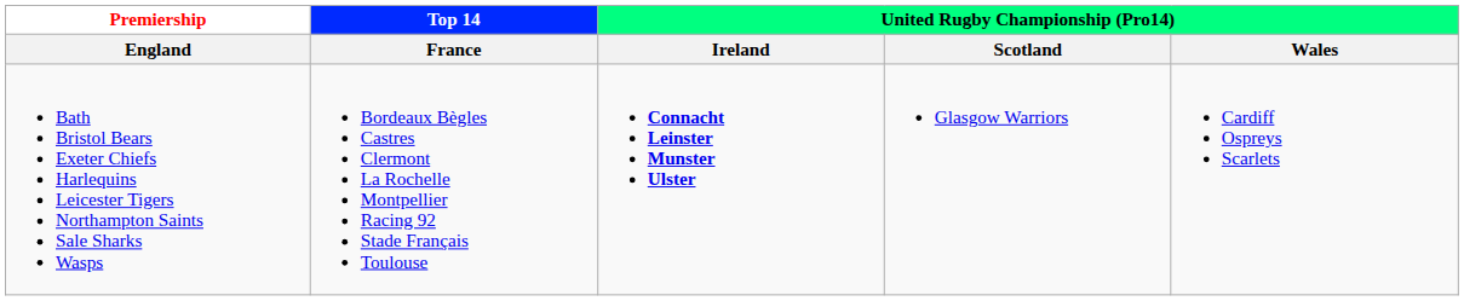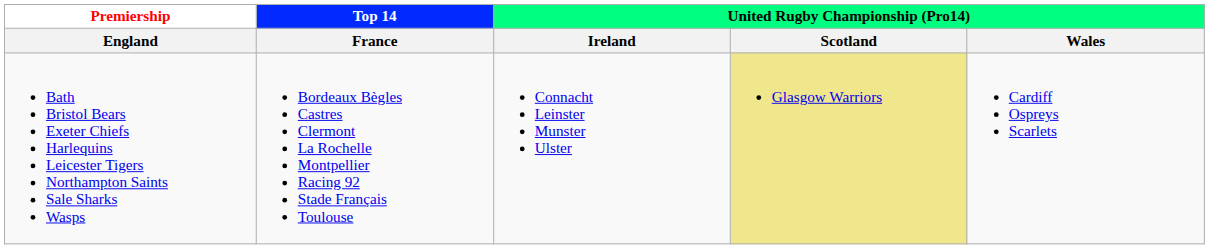 <table class="wikitable" style="width:100%;">
 <tr>
 <th style="background: #FFFFFF; color:red; text-align:center;">Premiership</th>
 <th style="background: #002AFF; color:white; text-align:center;">Top 14</th>
 <th colspan="4" style="background: #00FF80;">United Rugby Championship (Pro14)</th>
 </tr>
 <tr>
 <th width=17%> England</th>
 <th width=16%> France</th>
 <th width=16%> Ireland</th>
 <th width=16%> Scotland</th>
 <th width=16%> Wales</th>
 </tr>
 <tr valign=top>
 <td><br><ul><li><a href='#'>Bath</a></li><li><a href='#'>Bristol Bears</a></li><li><a href='#'>Exeter Chiefs</a></li><li><a href='#'>Harlequins</a></li><li><a href='#'>Leicester Tigers</a></li><li><a href='#'>Northampton Saints</a></li><li><a href='#'>Sale Sharks</a></li><li><a href='#'>Wasps</a></li></ul></td>
 <td><br><ul><li><a href='#'>Bordeaux Bègles</a></li><li><a href='#'>Castres</a></li><li><a href='#'>Clermont</a></li><li><a href='#'>La Rochelle</a></li><li><a href='#'>Montpellier</a></li><li><a href='#'>Racing 92</a></li><li><a href='#'>Stade Français</a></li><li><a href='#'>Toulouse</a></li></ul></td>
-<td><strong><br><ul><li><a href='#'>Connacht</a></li><li><a href='#'>Leinster</a></li><li><a href='#'>Munster</a></li><li><a href='#'>Ulster</a></li></ul></strong></td>
-<td><br><ul><li><a href='#'>Glasgow Warriors</a></li></ul></td>
+<td><br><ul><li><a href='#'>Connacht</a></li><li><a href='#'>Leinster</a></li><li><a href='#'>Munster</a></li><li><a href='#'>Ulster</a></li></ul></td>
+<td style="background: khaki;"><br><ul><li><a href='#'>Glasgow Warriors</a></li></ul></td>
 <td><br><ul><li><a href='#'>Cardiff</a></li><li><a href='#'>Ospreys</a></li><li><a href='#'>Scarlets</a></li></ul></td>
 </tr>
 </table>
